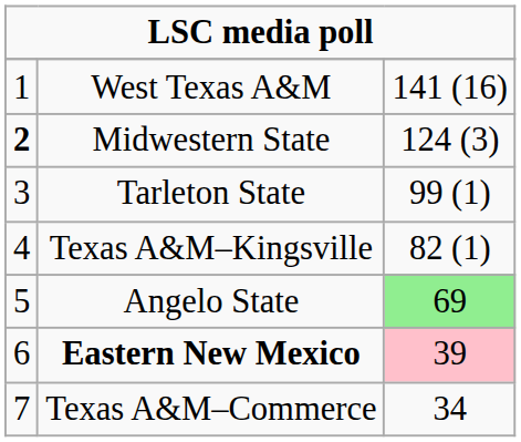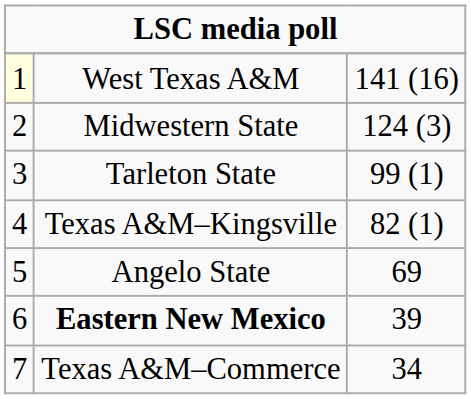 <table class="wikitable" style="display: inline-table;">
 <tr>
 <td align="center" Colspan="3"><strong>LSC media poll</strong></td>
 </tr>
 <tr align="center">
 </tr>
 <tr align="center">
-<td>1</td>
+<td style="background: lightyellow;">1</td>
 <td>West Texas A&M</td>
 <td>141 (16)</td>
 </tr>
 <tr align="center">
-<td><strong>2</strong></td>
+<td>2</td>
 <td>Midwestern State</td>
 <td>124 (3)</td>
 </tr>
 <tr align="center">
 <td>3</td>
 <td>Tarleton State</td>
 <td>99 (1)</td>
 </tr>
 <tr align="center">
 <td>4</td>
 <td>Texas A&M–Kingsville</td>
 <td>82 (1)</td>
 </tr>
 <tr align="center">
 <td>5</td>
 <td>Angelo State</td>
-<td style="background: lightgreen;">69</td>
+<td>69</td>
 </tr>
 <tr align="center">
 <td>6</td>
 <td><strong>Eastern New Mexico</strong></td>
-<td style="background: pink;">39</td>
+<td>39</td>
 </tr>
 <tr align="center">
 <td>7</td>
 <td>Texas A&M–Commerce</td>
 <td>34</td>
 </tr>
 </table>
